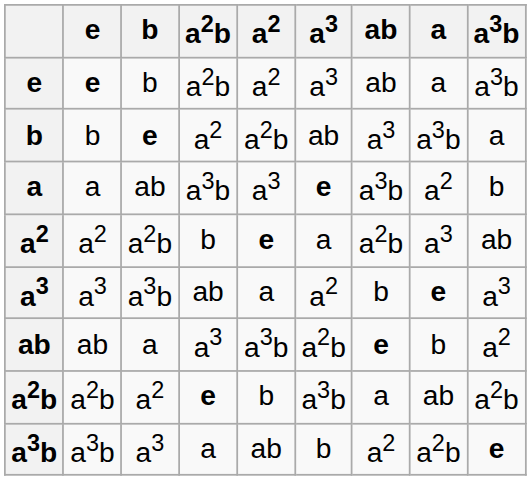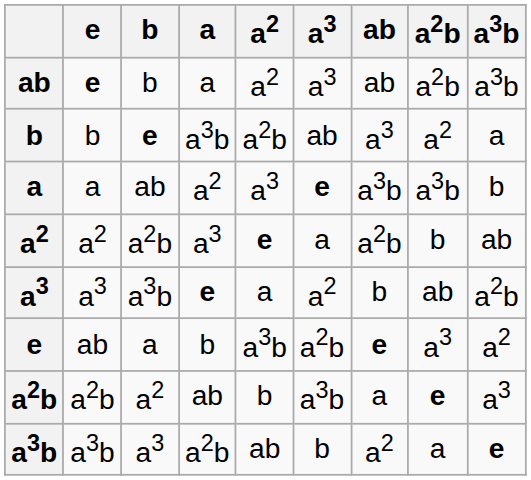 <table class="wikitable">
 <tr>
 <th></th>
 <th>e</th>
 <th>b</th>
-<th>a<sup>2</sup>b</th>
+<th>a</th>
 <th>a<sup>2</sup></th>
 <th>a<sup>3</sup></th>
 <th>ab</th>
-<th>a</th>
+<th>a<sup>2</sup>b</th>
 <th>a<sup>3</sup>b</th>
 </tr>
 <tr align="center">
-<th>e</th>
+<th>ab</th>
 <td><strong>e</strong></td>
 <td>b</td>
-<td>a<sup>2</sup>b</td>
+<td>a</td>
 <td>a<sup>2</sup></td>
 <td>a<sup>3</sup></td>
 <td>ab</td>
-<td>a</td>
+<td>a<sup>2</sup>b</td>
 <td>a<sup>3</sup>b</td>
 </tr>
 <tr align="center">
 <th>b</th>
 <td>b</td>
 <td><strong>e</strong></td>
-<td>a<sup>2</sup></td>
+<td>a<sup>3</sup>b</td>
 <td>a<sup>2</sup>b</td>
 <td>ab</td>
 <td>a<sup>3</sup></td>
-<td>a<sup>3</sup>b</td>
+<td>a<sup>2</sup></td>
 <td>a</td>
 </tr>
 <tr align="center">
 <th>a</th>
 <td>a</td>
 <td>ab</td>
-<td>a<sup>3</sup>b</td>
+<td>a<sup>2</sup></td>
 <td>a<sup>3</sup></td>
 <td><strong>e</strong></td>
 <td>a<sup>3</sup>b</td>
-<td>a<sup>2</sup></td>
+<td>a<sup>3</sup>b</td>
 <td>b</td>
 </tr>
 <tr align="center">
 <th>a<sup>2</sup></th>
 <td>a<sup>2</sup></td>
 <td>a<sup>2</sup>b</td>
-<td>b</td>
+<td>a<sup>3</sup></td>
 <td><strong>e</strong></td>
 <td>a</td>
 <td>a<sup>2</sup>b</td>
-<td>a<sup>3</sup></td>
+<td>b</td>
 <td>ab</td>
 </tr>
 <tr align="center">
 <th>a<sup>3</sup></th>
 <td>a<sup>3</sup></td>
 <td>a<sup>3</sup>b</td>
-<td>ab</td>
+<td><strong>e</strong></td>
 <td>a</td>
 <td>a<sup>2</sup></td>
 <td>b</td>
-<td><strong>e</strong></td>
-<td>a<sup>3</sup></td>
+<td>ab</td>
+<td>a<sup>2</sup>b</td>
 </tr>
 <tr align="center">
-<th>ab</th>
+<th>e</th>
 <td>ab</td>
 <td>a</td>
-<td>a<sup>3</sup></td>
+<td>b</td>
 <td>a<sup>3</sup>b</td>
 <td>a<sup>2</sup>b</td>
 <td><strong>e</strong></td>
-<td>b</td>
+<td>a<sup>3</sup></td>
 <td>a<sup>2</sup></td>
 </tr>
 <tr align="center">
 <th>a<sup>2</sup>b</th>
 <td>a<sup>2</sup>b</td>
 <td>a<sup>2</sup></td>
-<td><strong>e</strong></td>
+<td>ab</td>
 <td>b</td>
 <td>a<sup>3</sup>b</td>
 <td>a</td>
-<td>ab</td>
-<td>a<sup>2</sup>b</td>
+<td><strong>e</strong></td>
+<td>a<sup>3</sup></td>
 </tr>
 <tr align="center">
 <th>a<sup>3</sup>b</th>
 <td>a<sup>3</sup>b</td>
 <td>a<sup>3</sup></td>
-<td>a</td>
+<td>a<sup>2</sup>b</td>
 <td>ab</td>
 <td>b</td>
 <td>a<sup>2</sup></td>
-<td>a<sup>2</sup>b</td>
+<td>a</td>
 <td><strong>e</strong></td>
 </tr>
 </table>
